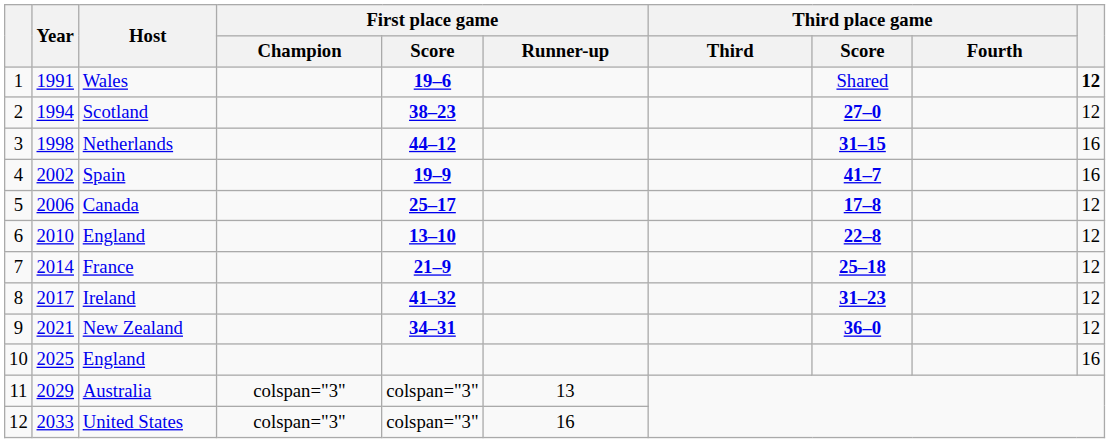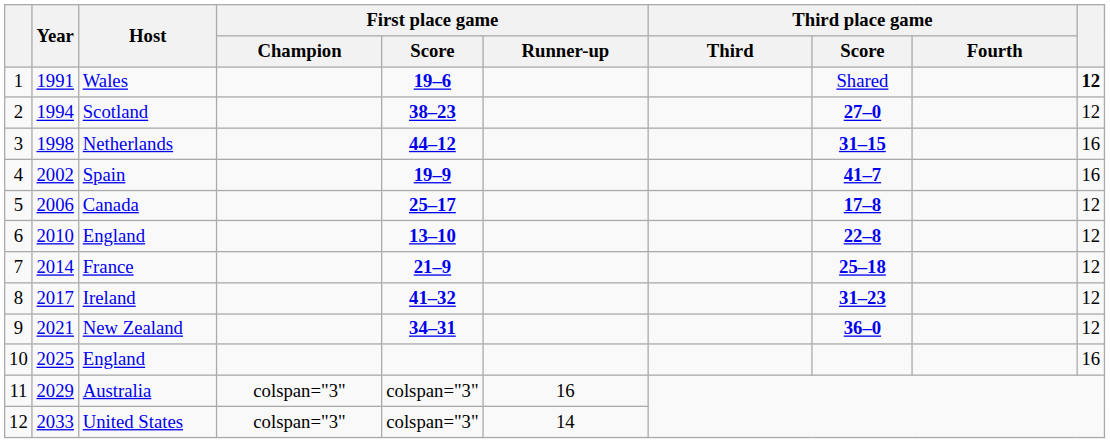 <table class="wikitable sortable" style="font-size:90%; text-align:center; width:;">
 <tr>
 <th rowspan=2 style= "width:;"></th>
 <th rowspan=2 style= "width:;">Year</th>
 <th rowspan=2 style= "width:100px;">Host</th>
 <th colspan=3>First place game</th>
 <th colspan=3>Third place game</th>
 <th rowspan=2 style= "width:;"></th>
 </tr>
 <tr>
 <th width= 120px> Champion</th>
 <th width= 70px>Score</th>
 <th width= 120px> Runner-up</th>
 <th width= 120px> Third</th>
 <th width= 70px>Score</th>
 <th width= 120px>Fourth</th>
 </tr>
 <tr>
 <td>1</td>
 <td><a href='#'>1991</a></td>
 <td align=left> <a href='#'>Wales</a></td>
 <td><strong></strong></td>
 <td><strong><a href='#'>19–6</a></strong><br></td>
 <td></td>
 <td></td>
 <td><a href='#'>Shared</a></td>
 <td></td>
 <td><strong>12</strong></td>
 </tr>
 <tr>
 <td>2</td>
 <td><a href='#'>1994</a></td>
 <td align=left> <a href='#'>Scotland</a></td>
 <td><strong></strong></td>
 <td><strong><a href='#'>38–23</a></strong><br></td>
 <td></td>
 <td></td>
 <td><strong><a href='#'>27–0</a></strong><br></td>
 <td></td>
 <td>12</td>
 </tr>
 <tr>
 <td>3</td>
 <td><a href='#'>1998</a></td>
 <td align=left> <a href='#'>Netherlands</a></td>
 <td><strong></strong></td>
 <td><strong><a href='#'>44–12</a></strong><br></td>
 <td></td>
 <td></td>
 <td><strong><a href='#'>31–15</a></strong><br></td>
 <td></td>
 <td>16</td>
 </tr>
 <tr>
 <td>4</td>
 <td><a href='#'>2002</a></td>
 <td align=left> <a href='#'>Spain</a></td>
 <td><strong></strong></td>
 <td><strong><a href='#'>19–9</a></strong><br></td>
 <td></td>
 <td></td>
 <td><strong><a href='#'>41–7</a></strong><br></td>
 <td></td>
 <td>16</td>
 </tr>
 <tr>
 <td>5</td>
 <td><a href='#'>2006</a></td>
 <td align=left> <a href='#'>Canada</a></td>
 <td><strong></strong></td>
 <td><strong><a href='#'>25–17</a></strong><br></td>
 <td></td>
 <td></td>
 <td><strong><a href='#'>17–8</a></strong><br></td>
 <td></td>
 <td>12</td>
 </tr>
 <tr>
 <td>6</td>
 <td><a href='#'>2010</a></td>
 <td align=left> <a href='#'>England</a></td>
 <td><strong></strong></td>
 <td><strong><a href='#'>13–10</a></strong><br></td>
 <td></td>
 <td></td>
 <td><strong><a href='#'>22–8</a></strong><br></td>
 <td></td>
 <td>12</td>
 </tr>
 <tr>
 <td>7</td>
 <td><a href='#'>2014</a></td>
 <td align=left> <a href='#'>France</a></td>
 <td><strong></strong></td>
 <td><strong><a href='#'>21–9</a></strong><br></td>
 <td></td>
 <td></td>
 <td><strong><a href='#'>25–18</a></strong><br></td>
 <td></td>
 <td>12</td>
 </tr>
 <tr>
 <td>8</td>
 <td><a href='#'>2017</a></td>
 <td align=left> <a href='#'>Ireland</a></td>
 <td><strong></strong></td>
 <td><strong><a href='#'>41–32</a></strong><br></td>
 <td></td>
 <td></td>
 <td><strong><a href='#'>31–23</a></strong><br></td>
 <td></td>
 <td>12</td>
 </tr>
 <tr>
 <td>9</td>
 <td><a href='#'>2021</a></td>
 <td align=left> <a href='#'>New Zealand</a></td>
 <td><strong></strong></td>
 <td><strong><a href='#'>34–31</a></strong><br></td>
 <td></td>
 <td></td>
 <td><strong><a href='#'>36–0</a></strong><br></td>
 <td></td>
 <td>12</td>
 </tr>
 <tr>
 <td>10</td>
 <td><a href='#'>2025</a></td>
 <td align=left> <a href='#'>England</a></td>
 <td></td>
 <td><br></td>
 <td></td>
 <td></td>
 <td><br></td>
 <td></td>
 <td>16</td>
 </tr>
 <tr>
 <td>11</td>
 <td><a href='#'>2029</a></td>
 <td align=left> <a href='#'>Australia</a></td>
 <td>colspan="3" </td>
 <td>colspan="3" </td>
-<td>13</td>
+<td>16</td>
 </tr>
 <tr>
 <td>12</td>
 <td><a href='#'>2033</a></td>
 <td align=left> <a href='#'>United States</a></td>
 <td>colspan="3" </td>
 <td>colspan="3" </td>
-<td>16</td>
+<td>14</td>
 </tr>
 </table>
